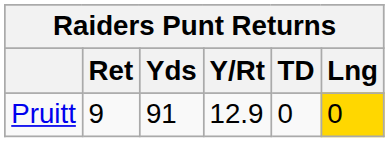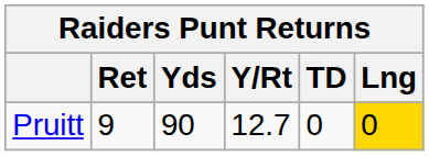 <table class="wikitable">
 <tr>
 <th colspan="6">Raiders Punt Returns</th>
 </tr>
 <tr>
 <th></th>
 <th>Ret</th>
 <th>Yds</th>
 <th>Y/Rt</th>
 <th>TD</th>
 <th>Lng</th>
 </tr>
 <tr>
 <td><a href='#'>Pruitt</a></td>
 <td>9</td>
-<td>91</td>
-<td>12.9</td>
+<td>90</td>
+<td>12.7</td>
 <td>0</td>
 <td style="background: gold;">0</td>
 </tr>
 </table>
